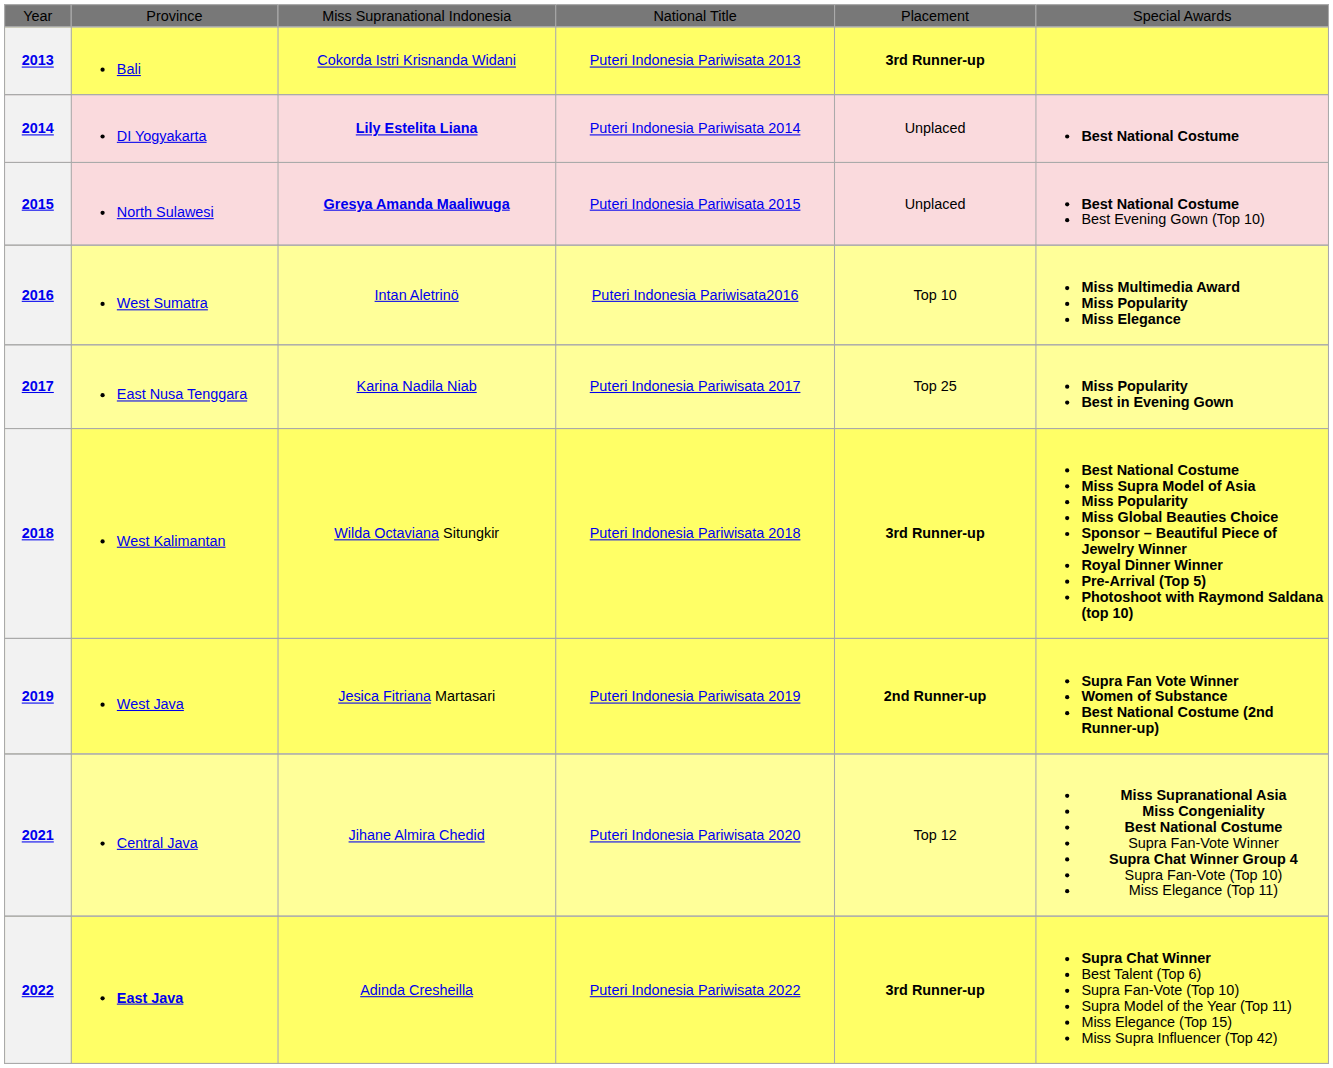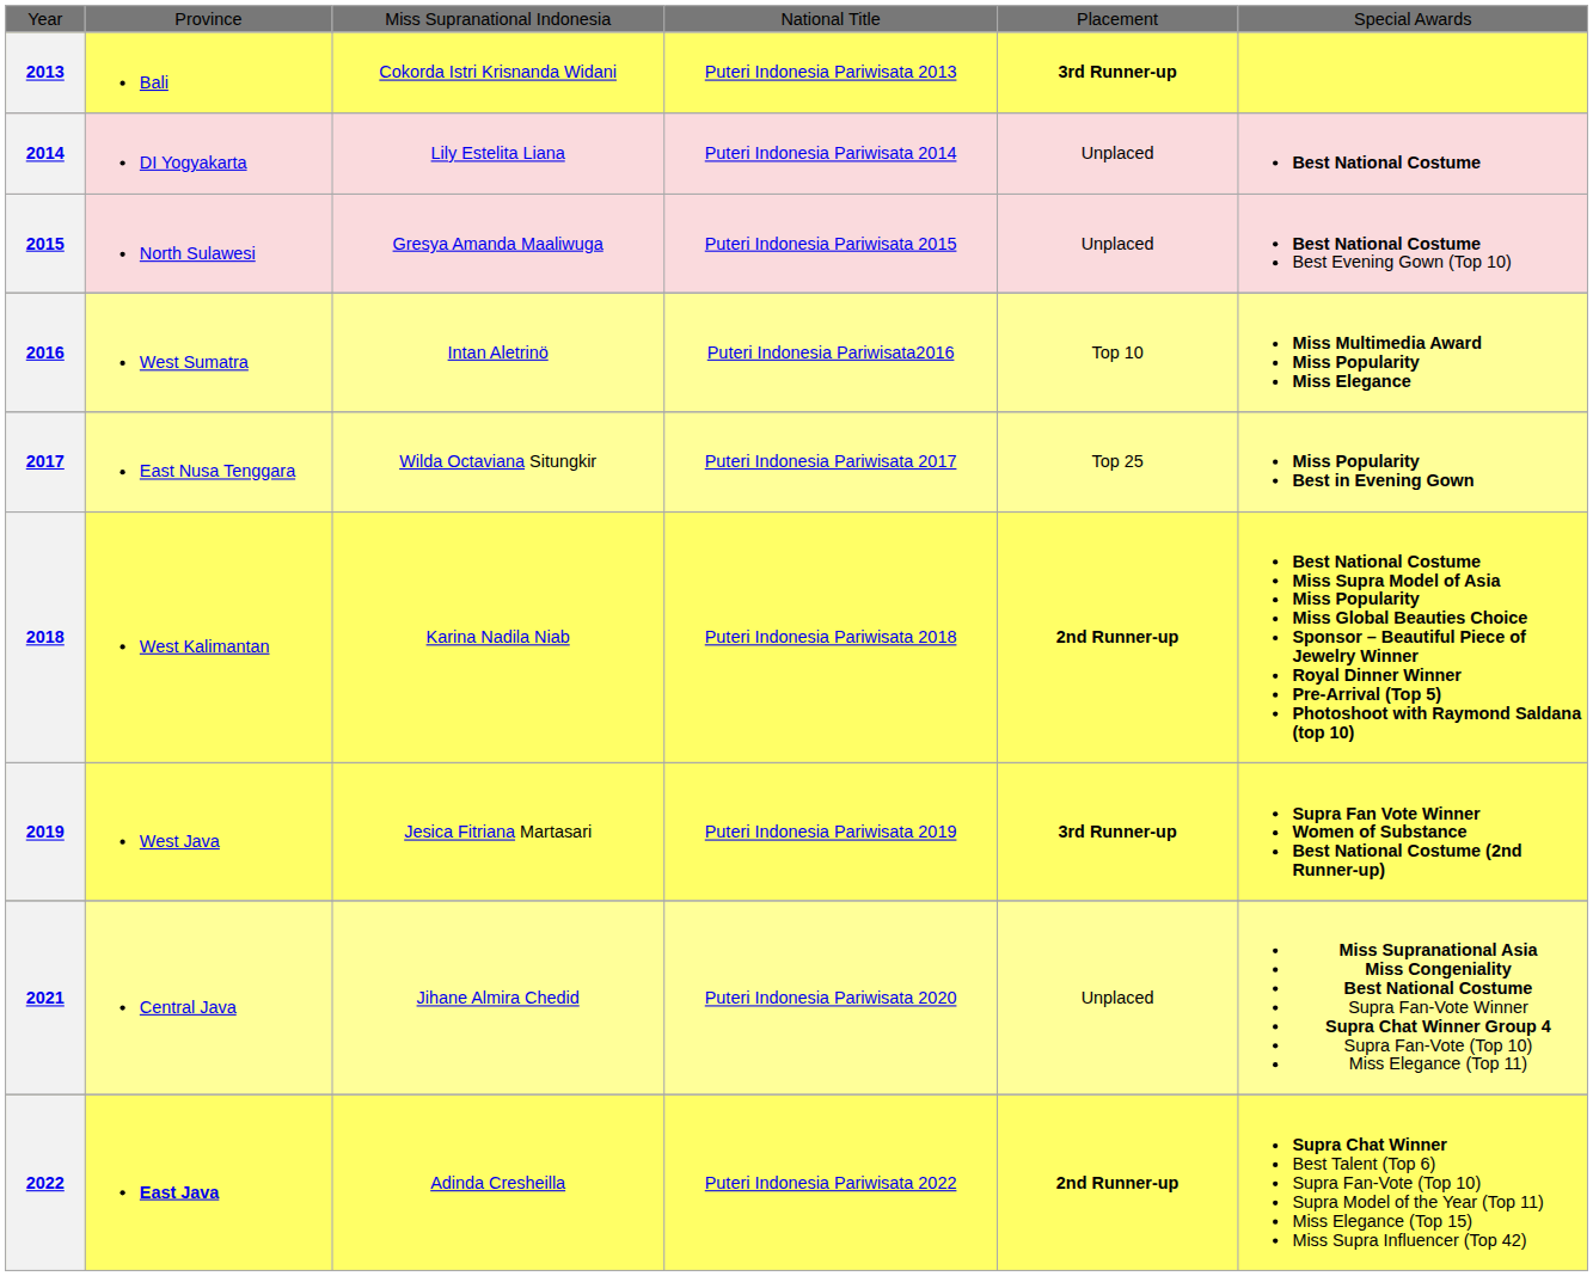 <table class="wikitable" style="margin: 1em 1em 1em 0; background: #FFFFFF; border: 1px #aaa solid; border-collapse: collapse; font-size: 85%; text-align:center">
 <tr bgcolor="#787878" colspan=10 align="center">
 <td width="60"><span>Year</span></td>
 <td width="200"><span>Province</span></td>
 <td width="280"><span>Miss Supranational Indonesia</span></td>
 <td width="280"><span>National Title</span></td>
 <td width="200"><span>Placement</span></td>
 <td width="290"><span>Special Awards</span></td>
 </tr>
 <tr>
 </tr>
 <tr style="background-color:#FFFF66; ">
 <th><a href='#'>2013</a></th>
 <td align="left"><br><ul><li><a href='#'>Bali</a></li></ul></td>
 <td><a href='#'>Cokorda Istri Krisnanda Widani</a></td>
 <td><a href='#'>Puteri Indonesia Pariwisata 2013</a></td>
 <td><strong>3rd Runner-up</strong></td>
 <td></td>
 </tr>
 <tr>
 </tr>
 <tr style="background-color:#FADADD; ">
 <th><a href='#'>2014</a></th>
 <td align="left"><br><ul><li><a href='#'>DI Yogyakarta</a></li></ul></td>
-<td><strong><a href='#'>Lily Estelita Liana</a></strong></td>
+<td><a href='#'>Lily Estelita Liana</a></td>
 <td><a href='#'>Puteri Indonesia Pariwisata 2014</a></td>
 <td>Unplaced</td>
 <td align="left"><br><ul><li><strong>Best National Costume</strong></li></ul></td>
 </tr>
 <tr>
 </tr>
 <tr style="background-color:#FADADD; ">
 <th><a href='#'>2015</a></th>
 <td align="left"><br><ul><li><a href='#'>North Sulawesi</a></li></ul></td>
-<td><strong><a href='#'>Gresya Amanda Maaliwuga</a></strong></td>
+<td><a href='#'>Gresya Amanda Maaliwuga</a></td>
 <td><a href='#'>Puteri Indonesia Pariwisata 2015</a></td>
 <td>Unplaced</td>
 <td align="left"><br><ul><li><strong>Best National Costume</strong></li><li>Best Evening Gown (Top 10)</li></ul></td>
 </tr>
 <tr>
 </tr>
 <tr style="background-color:#FFFF99; ">
 <th><a href='#'>2016</a></th>
 <td align="left"><br><ul><li><a href='#'>West Sumatra</a></li></ul></td>
 <td><a href='#'>Intan Aletrinö</a></td>
 <td><a href='#'>Puteri Indonesia Pariwisata2016</a></td>
 <td>Top 10</td>
 <td align="left"><br><ul><li><strong>Miss Multimedia Award</strong></li><li><strong>Miss Popularity</strong></li><li><strong>Miss Elegance</strong></li></ul></td>
 </tr>
 <tr>
 </tr>
 <tr style="background-color:#FFFF99; ">
 <th><a href='#'>2017</a></th>
 <td align="left"><br><ul><li><a href='#'>East Nusa Tenggara</a></li></ul></td>
-<td><a href='#'>Karina Nadila Niab</a></td>
+<td><a href='#'>Wilda Octaviana</a> Situngkir</td>
 <td><a href='#'>Puteri Indonesia Pariwisata 2017</a></td>
 <td>Top 25</td>
 <td align="left"><br><ul><li><strong>Miss Popularity</strong></li><li><strong>Best in Evening Gown</strong></li></ul></td>
 </tr>
 <tr>
 </tr>
 <tr style="background-color:#FFFF66; ">
 <th><a href='#'>2018</a></th>
 <td align="left"><br><ul><li><a href='#'>West Kalimantan</a></li></ul></td>
-<td><a href='#'>Wilda Octaviana</a> Situngkir</td>
+<td><a href='#'>Karina Nadila Niab</a></td>
 <td><a href='#'>Puteri Indonesia Pariwisata 2018</a></td>
-<td><strong>3rd Runner-up</strong></td>
+<td><strong>2nd Runner-up</strong></td>
 <td align="left"><br><ul><li><strong>Best National Costume</strong></li><li><strong>Miss Supra Model of Asia</strong></li><li><strong>Miss Popularity</strong></li><li><strong>Miss Global Beauties Choice</strong></li><li><strong>Sponsor – Beautiful Piece of Jewelry Winner</strong></li><li><strong>Royal Dinner Winner</strong></li><li><strong>Pre-Arrival (Top 5)</strong></li><li><strong>Photoshoot with Raymond Saldana (top 10)</strong></li></ul></td>
 </tr>
 <tr>
 </tr>
 <tr style="background-color:#FFFF66;">
 <th><a href='#'>2019</a></th>
 <td align="left"><br><ul><li><a href='#'>West Java</a></li></ul></td>
 <td><a href='#'>Jesica Fitriana</a> Martasari</td>
 <td><a href='#'>Puteri Indonesia Pariwisata 2019</a></td>
-<td><strong>2nd Runner-up</strong></td>
+<td><strong>3rd Runner-up</strong></td>
 <td align="left"><br><ul><li><strong>Supra Fan Vote Winner</strong></li><li><strong>Women of Substance</strong></li><li><strong>Best National Costume (2nd Runner-up)</strong></li></ul></td>
 </tr>
 <tr>
 </tr>
 <tr style="background-color:#FFFF99; ">
 <th><a href='#'>2021</a></th>
 <td align="left"><br><ul><li><a href='#'>Central Java</a></li></ul></td>
 <td><a href='#'>Jihane Almira Chedid</a></td>
 <td><a href='#'>Puteri Indonesia Pariwisata 2020</a></td>
-<td>Top 12</td>
+<td>Unplaced</td>
 <td><br><ul><li><strong>Miss Supranational Asia</strong></li><li><strong>Miss Congeniality</strong></li><li><strong>Best National Costume</strong></li><li>Supra Fan-Vote Winner</li><li><strong>Supra Chat Winner Group 4</strong></li><li>Supra Fan-Vote (Top 10)</li><li>Miss Elegance (Top 11)</li></ul></td>
 </tr>
 <tr>
 </tr>
 <tr style="background-color:#FFFF66;">
 <th><a href='#'>2022</a></th>
 <td align="left"><strong><br><ul><li><a href='#'>East Java</a></li></ul></strong></td>
 <td><a href='#'>Adinda Cresheilla</a></td>
 <td><a href='#'>Puteri Indonesia Pariwisata 2022</a></td>
-<td><strong>3rd Runner-up</strong></td>
+<td><strong>2nd Runner-up</strong></td>
 <td align="left"><br><ul><li><strong>Supra Chat Winner</strong></li><li>Best Talent (Top 6)</li><li>Supra Fan-Vote (Top 10)</li><li>Supra Model of the Year (Top 11)</li><li>Miss Elegance (Top 15)</li><li>Miss Supra Influencer (Top 42)</li></ul></td>
 </tr>
 <tr>
 </tr>
 </table>
